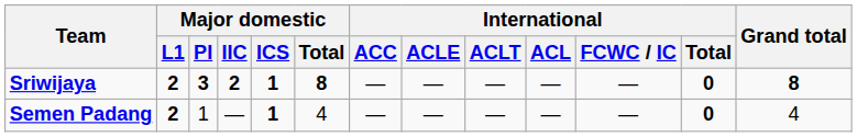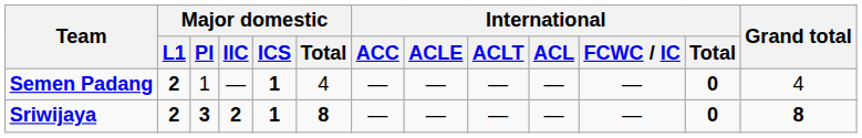 <table class="wikitable sortable">
 <tr>
 <th rowspan="2">Team</th>
 <th colspan="5">Major domestic</th>
 <th colspan="6">International</th>
 <th rowspan="2">Grand total</th>
 </tr>
 <tr>
 <th class="sortable"><a href='#'>L1</a></th>
 <th class="sortable"><a href='#'>PI</a></th>
 <th class="sortable"><a href='#'>IIC</a></th>
 <th class="sortable"><a href='#'>ICS</a></th>
 <th class="sortable">Total</th>
 <th class="sortable"><a href='#'>ACC</a></th>
 <th class="sortable"><a href='#'>ACLE</a></th>
 <th class="sortable"><a href='#'>ACLT</a></th>
 <th class="sortable"><a href='#'>ACL</a></th>
 <th class="sortable"><a href='#'>FCWC</a> / <a href='#'>IC</a></th>
 <th class="sortable">Total</th>
 </tr>
 <tr>
+<td><a href='#'><strong>Semen Padang</strong></a></td>
+<td align="center"><strong>2</strong></td>
+<td align="center">1</td>
+<td align="center">—</td>
+<td align="center"><strong>1</strong></td>
+<td align="center">4</td>
+<td align="center">—</td>
+<td align="center">—</td>
+<td align="center">—</td>
+<td align="center">—</td>
+<td align="center">—</td>
+<td align="center"><strong>0</strong></td>
+<td align="center">4</td>
+</tr>
+<tr>
 <td><a href='#'><strong>Sriwijaya</strong></a></td>
 <td align="center"><strong>2</strong></td>
 <td align="center"><strong>3</strong></td>
 <td align="center"><strong>2</strong></td>
 <td align="center"><strong>1</strong></td>
 <td align="center"><strong>8</strong></td>
 <td align="center">—</td>
 <td align="center">—</td>
 <td align="center">—</td>
 <td align="center">—</td>
 <td align="center">—</td>
 <td align="center"><strong>0</strong></td>
 <td align="center"><strong>8</strong></td>
 </tr>
-<tr>
-<td><a href='#'><strong>Semen Padang</strong></a></td>
-<td align="center"><strong>2</strong></td>
-<td align="center">1</td>
-<td align="center">—</td>
-<td align="center"><strong>1</strong></td>
-<td align="center">4</td>
-<td align="center">—</td>
-<td align="center">—</td>
-<td align="center">—</td>
-<td align="center">—</td>
-<td align="center">—</td>
-<td align="center"><strong>0</strong></td>
-<td align="center">4</td>
-</tr>
 </table>
